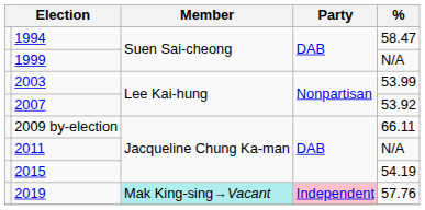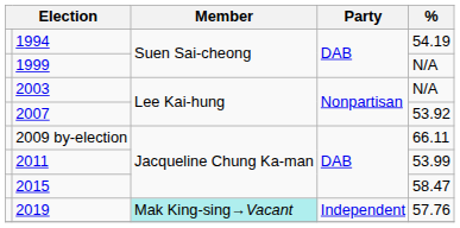 <table class="wikitable">
 <tr>
 <th colspan="2">Election</th>
 <th>Member</th>
 <th>Party</th>
 <th>%</th>
 </tr>
 <tr>
 <td style="background-color:"></td>
 <td><a href='#'>1994</a></td>
 <td rowspan=2>Suen Sai-cheong</td>
 <td rowspan=2><a href='#'>DAB</a></td>
-<td>58.47</td>
+<td>54.19</td>
 </tr>
 <tr>
 <td style="background-color:"></td>
 <td><a href='#'>1999</a></td>
 <td>N/A</td>
 </tr>
 <tr>
 <td style="background-color:"></td>
 <td><a href='#'>2003</a></td>
 <td rowspan=2>Lee Kai-hung</td>
 <td rowspan=2><a href='#'>Nonpartisan</a></td>
-<td>53.99</td>
+<td>N/A</td>
 </tr>
 <tr>
 <td style="background-color:"></td>
 <td><a href='#'>2007</a></td>
 <td>53.92</td>
 </tr>
 <tr>
 <td style="background-color:"></td>
 <td>2009 by-election</td>
 <td rowspan=3>Jacqueline Chung Ka-man</td>
 <td rowspan=3><a href='#'>DAB</a></td>
 <td>66.11</td>
 </tr>
 <tr>
 <td style="background-color:"></td>
 <td><a href='#'>2011</a></td>
-<td>N/A</td>
+<td>53.99</td>
 </tr>
 <tr>
 <td style="background-color:"></td>
 <td><a href='#'>2015</a></td>
-<td>54.19</td>
+<td>58.47</td>
 </tr>
 <tr>
 <td style="background-color:"></td>
 <td><a href='#'>2019</a></td>
 <td style="background: paleturquoise;">Mak King-sing→<em>Vacant</em></td>
-<td style="background: pink;"><a href='#'>Independent</a></td>
+<td><a href='#'>Independent</a></td>
 <td>57.76</td>
 </tr>
 <tr>
 </tr>
 </table>
